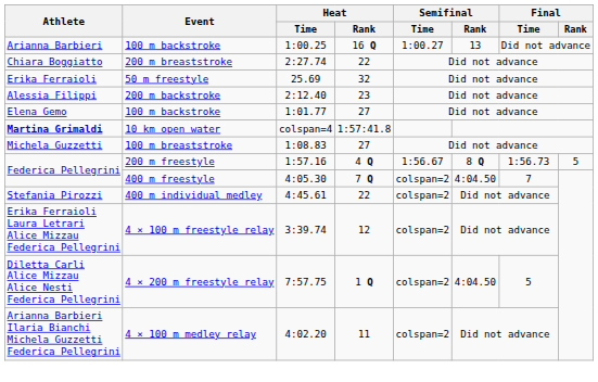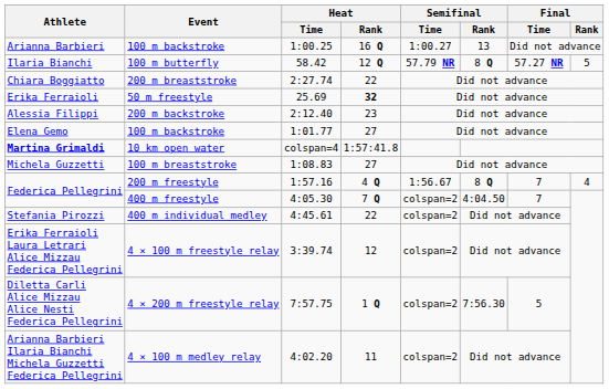 <table class=wikitable style="font-size:90%">
 <tr>
 <th rowspan="2">Athlete</th>
 <th rowspan="2">Event</th>
 <th colspan="2">Heat</th>
 <th colspan="2">Semifinal</th>
 <th colspan="2">Final</th>
 </tr>
 <tr style="font-size:95%">
 <th>Time</th>
 <th>Rank</th>
 <th>Time</th>
 <th>Rank</th>
 <th>Time</th>
 <th>Rank</th>
 </tr>
 <tr align=center>
 <td align=left><a href='#'>Arianna Barbieri</a></td>
 <td align=left><a href='#'>100 m backstroke</a></td>
 <td>1:00.25</td>
 <td>16 <strong>Q</strong></td>
 <td>1:00.27</td>
 <td>13</td>
 <td colspan=2>Did not advance</td>
 </tr>
 <tr align=center>
+<td align=left><a href='#'>Ilaria Bianchi</a></td>
+<td align=left><a href='#'>100 m butterfly</a></td>
+<td>58.42</td>
+<td>12 <strong>Q</strong></td>
+<td>57.79 <strong><a href='#'>NR</a></strong></td>
+<td>8 <strong>Q</strong></td>
+<td>57.27 <strong><a href='#'>NR</a></strong></td>
+<td>5</td>
+</tr>
+<tr align=center>
 <td align=left><a href='#'>Chiara Boggiatto</a></td>
 <td align=left><a href='#'>200 m breaststroke</a></td>
 <td>2:27.74</td>
 <td>22</td>
 <td colspan=4>Did not advance</td>
 </tr>
 <tr align=center>
 <td align=left><a href='#'>Erika Ferraioli</a></td>
 <td align=left><a href='#'>50 m freestyle</a></td>
 <td>25.69</td>
-<td>32</td>
+<td><strong>32</strong></td>
 <td colspan=4>Did not advance</td>
 </tr>
 <tr align=center>
 <td align=left><a href='#'>Alessia Filippi</a></td>
 <td align=left><a href='#'>200 m backstroke</a></td>
 <td>2:12.40</td>
 <td>23</td>
 <td colspan=4>Did not advance</td>
 </tr>
 <tr align=center>
 <td align=left><a href='#'>Elena Gemo</a></td>
 <td align=left><a href='#'>100 m backstroke</a></td>
 <td>1:01.77</td>
 <td>27</td>
 <td colspan=4>Did not advance</td>
 </tr>
 <tr align=center>
 <td align=left><strong><a href='#'>Martina Grimaldi</a></strong></td>
 <td align=left><a href='#'>10 km open water</a></td>
 <td>colspan=4 </td>
 <td>1:57:41.8</td>
 <td></td>
 </tr>
 <tr align=center>
 <td align=left><a href='#'>Michela Guzzetti</a></td>
 <td align=left><a href='#'>100 m breaststroke</a></td>
 <td>1:08.83</td>
 <td>27</td>
 <td colspan=4>Did not advance</td>
 </tr>
 <tr align=center>
 <td align=left rowspan=2><a href='#'>Federica Pellegrini</a></td>
 <td align=left><a href='#'>200 m freestyle</a></td>
 <td>1:57.16</td>
 <td>4 <strong>Q</strong></td>
 <td>1:56.67</td>
 <td>8 <strong>Q</strong></td>
-<td>1:56.73</td>
-<td>5</td>
+<td>7</td>
+<td>4</td>
 </tr>
 <tr align=center>
 <td align=left><a href='#'>400 m freestyle</a></td>
 <td>4:05.30</td>
 <td>7 <strong>Q</strong></td>
 <td>colspan=2 </td>
 <td>4:04.50</td>
 <td>7</td>
 </tr>
 <tr align=center>
 <td align=left><a href='#'>Stefania Pirozzi</a></td>
 <td align=left><a href='#'>400 m individual medley</a></td>
 <td>4:45.61</td>
 <td>22</td>
 <td>colspan=2 </td>
 <td colspan=2>Did not advance</td>
 </tr>
 <tr align=center>
 <td align=left><a href='#'>Erika Ferraioli</a><br><a href='#'>Laura Letrari</a><br><a href='#'>Alice Mizzau</a><br><a href='#'>Federica Pellegrini</a></td>
 <td align=left><a href='#'>4 × 100 m freestyle relay</a></td>
 <td>3:39.74</td>
 <td>12</td>
 <td>colspan=2 </td>
 <td colspan=2>Did not advance</td>
 </tr>
 <tr align=center>
 <td align=left><a href='#'>Diletta Carli</a><br><a href='#'>Alice Mizzau</a><br><a href='#'>Alice Nesti</a><br><a href='#'>Federica Pellegrini</a></td>
 <td align=left><a href='#'>4 × 200 m freestyle relay</a></td>
 <td>7:57.75</td>
 <td>1 <strong>Q</strong></td>
 <td>colspan=2 </td>
-<td>4:04.50</td>
+<td>7:56.30</td>
 <td>5</td>
 </tr>
 <tr align=center>
 <td align=left><a href='#'>Arianna Barbieri</a><br><a href='#'>Ilaria Bianchi</a><br><a href='#'>Michela Guzzetti</a><br><a href='#'>Federica Pellegrini</a></td>
 <td align=left><a href='#'>4 × 100 m medley relay</a></td>
 <td>4:02.20</td>
 <td>11</td>
 <td>colspan=2 </td>
 <td colspan=2>Did not advance</td>
 </tr>
 </table>
